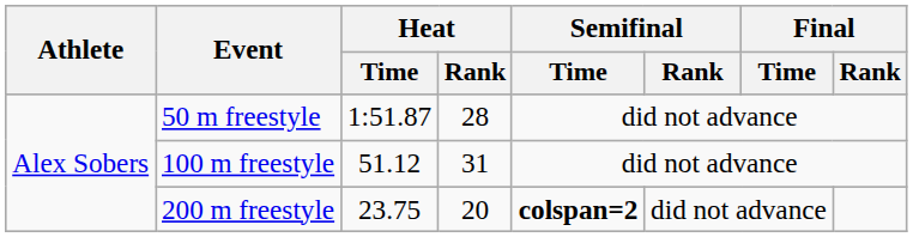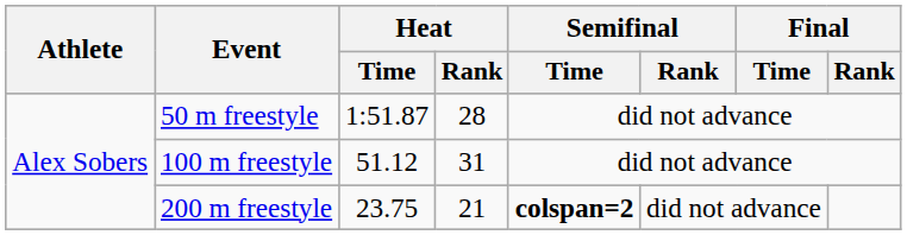 <table class=wikitable style=font-size:90%>
 <tr>
 <th rowspan=2>Athlete</th>
 <th rowspan=2>Event</th>
 <th colspan=2>Heat</th>
 <th colspan=2>Semifinal</th>
 <th colspan=2>Final</th>
 </tr>
 <tr style=font-size:95%>
 <th>Time</th>
 <th>Rank</th>
 <th>Time</th>
 <th>Rank</th>
 <th>Time</th>
 <th>Rank</th>
 </tr>
 <tr align=center>
 <td align=left rowspan=3><a href='#'>Alex Sobers</a></td>
 <td align=left><a href='#'>50 m freestyle</a></td>
 <td>1:51.87</td>
 <td>28</td>
 <td colspan=4>did not advance</td>
 </tr>
 <tr align=center>
 <td align=left><a href='#'>100 m freestyle</a></td>
 <td>51.12</td>
 <td>31</td>
 <td colspan=4>did not advance</td>
 </tr>
 <tr align=center>
 <td align=left><a href='#'>200 m freestyle</a></td>
 <td>23.75</td>
-<td>20</td>
+<td>21</td>
 <td><strong>colspan=2 </strong></td>
 <td colspan=2>did not advance</td>
 </tr>
 </table>
